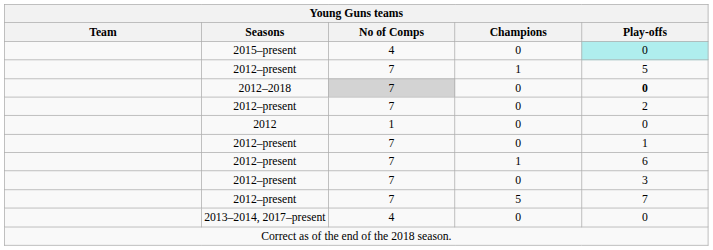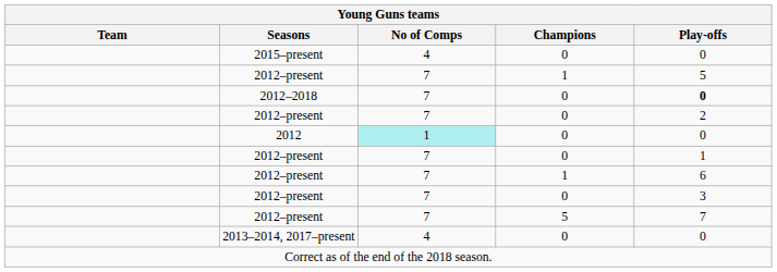 <table class="wikitable" style="text-align:center">
 <tr>
 <th colspan="100%" align=center><strong>Young Guns teams</strong></th>
 </tr>
 <tr>
 <th width="28%">Team</th>
 <th width="18%">Seasons</th>
 <th width="18%">No of Comps</th>
 <th width="18%">Champions</th>
 <th width="18%">Play-offs</th>
 </tr>
 <tr>
 <td style="text-align:left;"></td>
 <td>2015–present</td>
 <td>4</td>
 <td>0</td>
-<td style="background: paleturquoise;">0</td>
+<td>0</td>
 </tr>
 <tr>
 <td style="text-align:left;"></td>
 <td>2012–present</td>
 <td>7</td>
 <td>1</td>
 <td>5</td>
 </tr>
 <tr>
 <td style="text-align:left;"></td>
 <td>2012–2018</td>
-<td style="background: lightgrey;">7</td>
+<td>7</td>
 <td>0</td>
 <td><strong>0</strong></td>
 </tr>
 <tr>
 <td style="text-align:left;"></td>
 <td>2012–present</td>
 <td>7</td>
 <td>0</td>
 <td>2</td>
 </tr>
 <tr>
 <td style="text-align:left;"></td>
 <td>2012</td>
-<td>1</td>
+<td style="background: paleturquoise;">1</td>
 <td>0</td>
 <td>0</td>
 </tr>
 <tr>
 <td style="text-align:left;"></td>
 <td>2012–present</td>
 <td>7</td>
 <td>0</td>
 <td>1</td>
 </tr>
 <tr>
 <td style="text-align:left;"></td>
 <td>2012–present</td>
 <td>7</td>
 <td>1</td>
 <td>6</td>
 </tr>
 <tr>
 <td style="text-align:left;"></td>
 <td>2012–present</td>
 <td>7</td>
 <td>0</td>
 <td>3</td>
 </tr>
 <tr>
 <td style="text-align:left;"></td>
 <td>2012–present</td>
 <td>7</td>
 <td>5</td>
 <td>7</td>
 </tr>
 <tr>
 <td style="text-align:left;"></td>
 <td>2013–2014, 2017–present</td>
 <td>4</td>
 <td>0</td>
 <td>0</td>
 </tr>
 <tr>
 <td colspan="100%" style="text-align:center;">Correct as of the end of the 2018 season.</td>
 </tr>
 </table>
